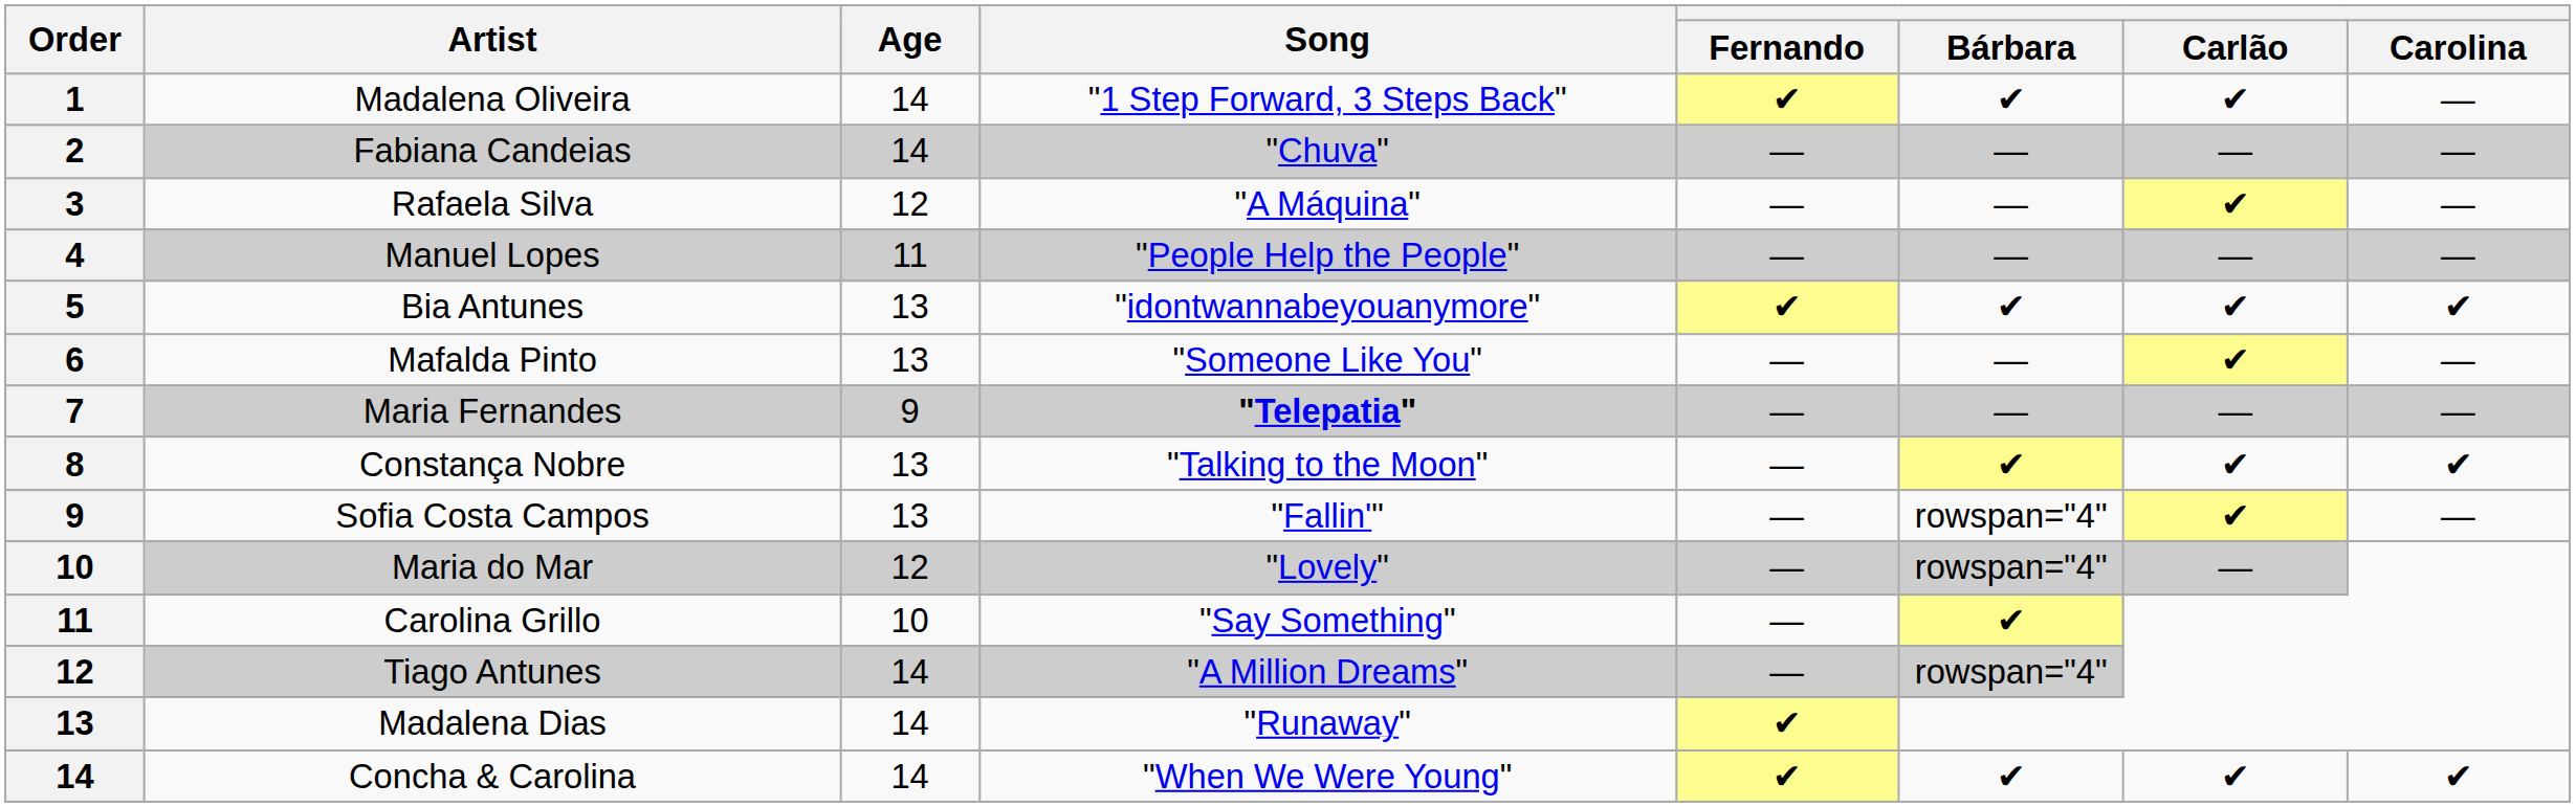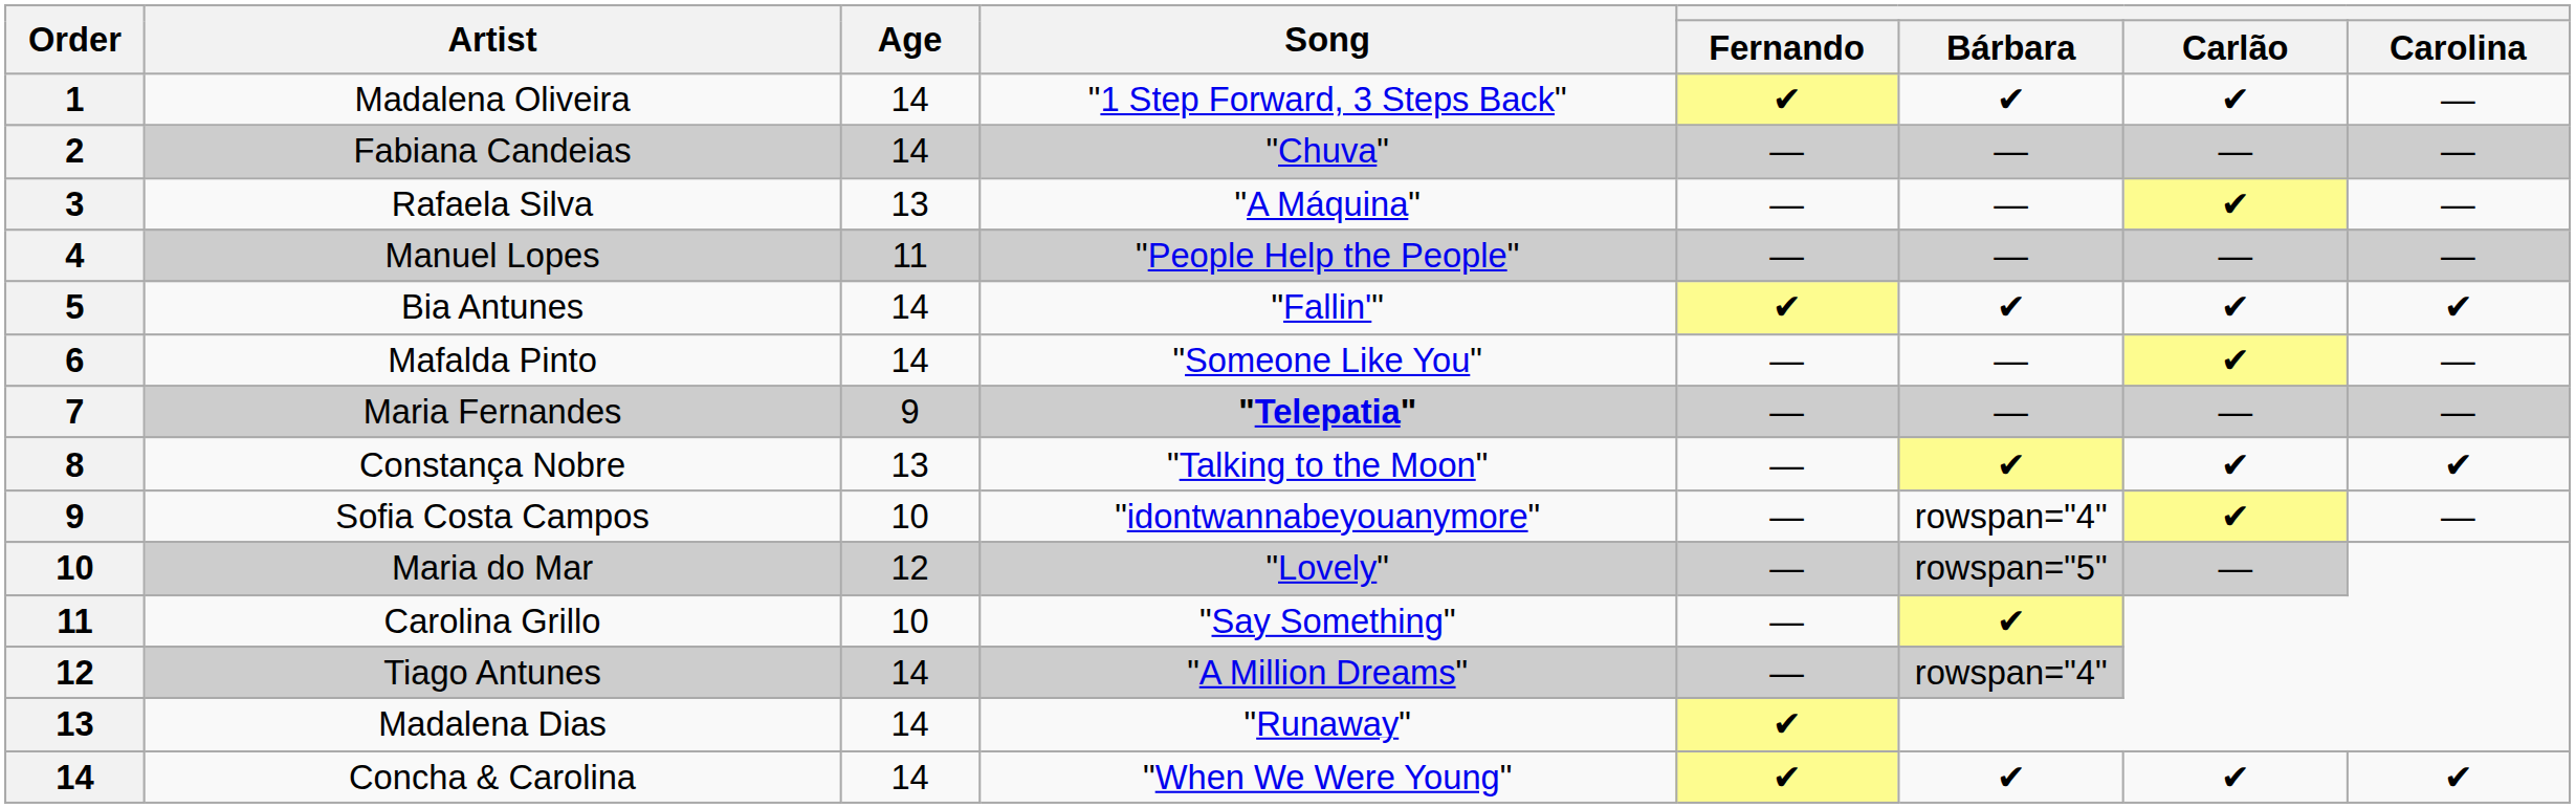 <table class="wikitable" style="text-align:center; line-height:17px; width:95%">
 <tr>
 <th rowspan="2" width="05%">Order</th>
 <th rowspan="2" width="25%">Artist</th>
 <th rowspan="2" width="05%">Age</th>
 <th rowspan="2" width="25%">Song</th>
 <th colspan="4"></th>
 </tr>
 <tr>
 <th width="08%">Fernando</th>
 <th width="08%">Bárbara</th>
 <th width="08%">Carlão</th>
 <th width="08%">Carolina</th>
 </tr>
 <tr>
 <th>1</th>
 <td>Madalena Oliveira</td>
 <td>14</td>
 <td>"<a href='#'>1 Step Forward, 3 Steps Back</a>"</td>
 <td style="background:#fdfc8f">✔</td>
 <td>✔</td>
 <td>✔</td>
 <td>—</td>
 </tr>
 <tr style="background:#cdcdcd">
 <th>2</th>
 <td>Fabiana Candeias</td>
 <td>14</td>
 <td>"<a href='#'>Chuva</a>"</td>
 <td>—</td>
 <td>—</td>
 <td>—</td>
 <td>—</td>
 </tr>
 <tr>
 <th>3</th>
 <td>Rafaela Silva</td>
-<td>12</td>
+<td>13</td>
 <td>"<a href='#'>A Máquina</a>"</td>
 <td>—</td>
 <td>—</td>
 <td style="background:#fdfc8f">✔</td>
 <td>—</td>
 </tr>
 <tr style="background:#cdcdcd">
 <th>4</th>
 <td>Manuel Lopes</td>
 <td>11</td>
 <td>"<a href='#'>People Help the People</a>"</td>
 <td>—</td>
 <td>—</td>
 <td>—</td>
 <td>—</td>
 </tr>
 <tr>
 <th>5</th>
 <td>Bia Antunes</td>
-<td>13</td>
-<td>"<a href='#'>idontwannabeyouanymore</a>"</td>
+<td>14</td>
+<td>"<a href='#'>Fallin'</a>"</td>
 <td style="background:#fdfc8f">✔</td>
 <td>✔</td>
 <td>✔</td>
 <td>✔</td>
 </tr>
 <tr>
 <th>6</th>
 <td>Mafalda Pinto</td>
-<td>13</td>
+<td>14</td>
 <td>"<a href='#'>Someone Like You</a>"</td>
 <td>—</td>
 <td>—</td>
 <td style="background:#fdfc8f">✔</td>
 <td>—</td>
 </tr>
 <tr style="background:#cdcdcd">
 <th>7</th>
 <td>Maria Fernandes</td>
 <td>9</td>
 <td><strong>"<a href='#'>Telepatia</a>"</strong></td>
 <td>—</td>
 <td>—</td>
 <td>—</td>
 <td>—</td>
 </tr>
 <tr>
 <th>8</th>
 <td>Constança Nobre</td>
 <td>13</td>
 <td>"<a href='#'>Talking to the Moon</a>"</td>
 <td>—</td>
 <td style="background:#fdfc8f">✔</td>
 <td>✔</td>
 <td>✔</td>
 </tr>
 <tr>
 <th>9</th>
 <td>Sofia Costa Campos</td>
-<td>13</td>
-<td>"<a href='#'>Fallin'</a>"</td>
+<td>10</td>
+<td>"<a href='#'>idontwannabeyouanymore</a>"</td>
 <td>—</td>
 <td>rowspan="4" </td>
 <td style="background:#fdfc8f">✔</td>
 <td>—</td>
 </tr>
 <tr style="background:#cdcdcd">
 <th>10</th>
 <td>Maria do Mar</td>
 <td>12</td>
 <td>"<a href='#'>Lovely</a>"</td>
 <td>—</td>
-<td>rowspan="4" </td>
+<td>rowspan="5" </td>
 <td>—</td>
 </tr>
 <tr>
 <th>11</th>
 <td>Carolina Grillo</td>
 <td>10</td>
 <td>"<a href='#'>Say Something</a>"</td>
 <td>—</td>
 <td style="background:#fdfc8f">✔</td>
 </tr>
 <tr style="background:#cdcdcd">
 <th>12</th>
 <td>Tiago Antunes</td>
 <td>14</td>
 <td>"<a href='#'>A Million Dreams</a>"</td>
 <td>—</td>
 <td>rowspan="4" </td>
 </tr>
 <tr>
 <th>13</th>
 <td>Madalena Dias</td>
 <td>14</td>
 <td>"<a href='#'>Runaway</a>"</td>
 <td style="background:#fdfc8f">✔</td>
 </tr>
 <tr>
 <th>14</th>
 <td>Concha & Carolina</td>
 <td>14</td>
 <td>"<a href='#'>When We Were Young</a>"</td>
 <td style="background:#fdfc8f">✔</td>
 <td>✔</td>
 <td>✔</td>
 <td>✔</td>
 </tr>
 </table>
